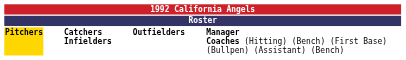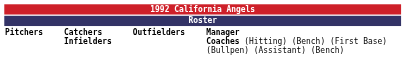 <table class="toccolours" style="font-size: 95%;">
 <tr>
 <th colspan="10" style="background-color: #CE2029; color: white; text-align: center;">1992 California Angels</th>
 </tr>
 <tr>
 <td colspan="10" style="background-color:#333366; color: white; text-align: center;"><strong>Roster</strong></td>
 </tr>
 <tr>
-<td valign="top" style="background: gold;"><strong>Pitchers</strong><br>               </td>
+<td valign="top"><strong>Pitchers</strong><br>               </td>
 <td width="25px"></td>
 <td valign="top"><strong>Catchers</strong><br>     <strong>Infielders</strong>           </td>
 <td width="25px"></td>
 <td valign="top"><strong>Outfielders</strong><br>        </td>
 <td width="25px"></td>
 <td valign="top"><strong>Manager</strong><br>   <strong>Coaches</strong>  (Hitting)  (Bench)  (First Base)  (Bullpen)  (Assistant)   (Bench)</td>
 </tr>
 </table>
